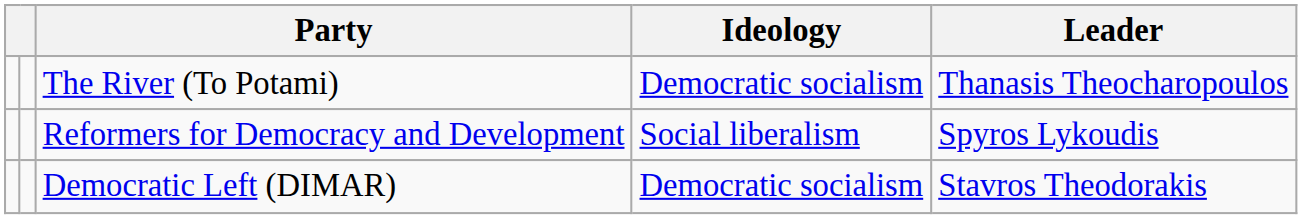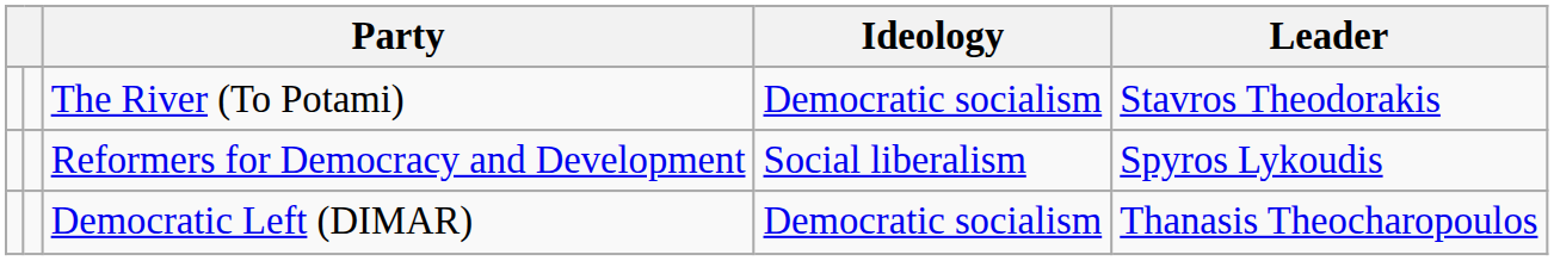 <table class="wikitable" style="text-align:left">
 <tr>
 <th colspan="2"></th>
 <th>Party</th>
 <th>Ideology</th>
 <th>Leader</th>
 </tr>
 <tr>
 <td></td>
 <td></td>
 <td><a href='#'>The River</a> (To Potami)</td>
 <td><a href='#'>Democratic socialism</a></td>
-<td><a href='#'>Thanasis Theocharopoulos</a></td>
+<td><a href='#'>Stavros Theodorakis</a></td>
 </tr>
 <tr>
 <td></td>
 <td></td>
 <td><a href='#'>Reformers for Democracy and Development</a></td>
 <td><a href='#'>Social liberalism</a></td>
 <td><a href='#'>Spyros Lykoudis</a></td>
 </tr>
 <tr>
 <td></td>
 <td></td>
 <td><a href='#'>Democratic Left</a> (DIMAR)</td>
 <td><a href='#'>Democratic socialism</a></td>
-<td><a href='#'>Stavros Theodorakis</a></td>
+<td><a href='#'>Thanasis Theocharopoulos</a></td>
 </tr>
 </table>
